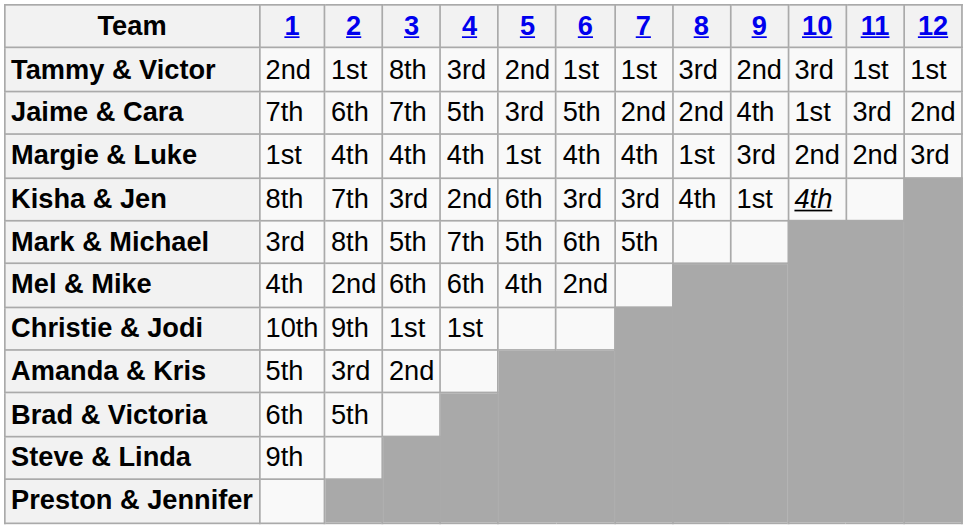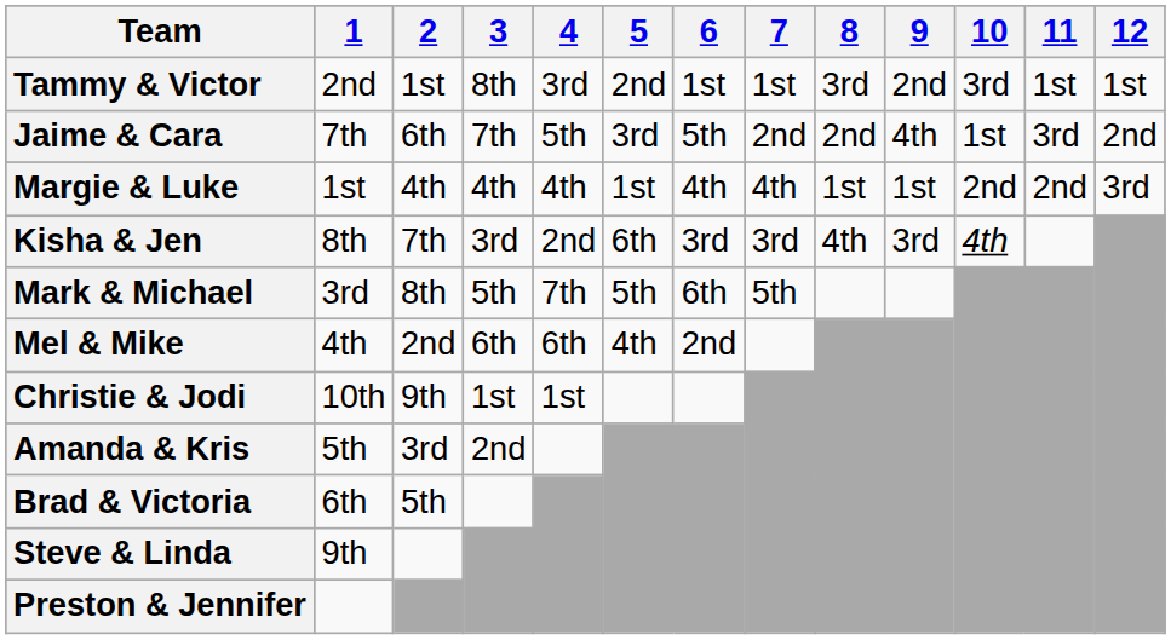 <table class="wikitable sortable" style="text-align:left;">
 <tr>
 <th scope="col" class="unsortable">Team</th>
 <th scope="col"><a href='#'>1</a></th>
 <th scope="col"><a href='#'>2</a></th>
 <th scope="col"><a href='#'>3</a></th>
 <th scope="col"><a href='#'>4</a></th>
 <th scope="col"><a href='#'>5</a></th>
 <th scope="col"><a href='#'>6</a></th>
 <th scope="col"><a href='#'>7</a></th>
 <th scope="col"><a href='#'>8</a></th>
 <th scope="col"><a href='#'>9</a></th>
 <th scope="col"><a href='#'>10</a></th>
 <th scope="col"><a href='#'>11</a></th>
 <th scope="col"><a href='#'>12</a></th>
 </tr>
 <tr>
 <th scope="row" style="text-align:left">Tammy & Victor</th>
 <td>2nd</td>
 <td>1st</td>
 <td>8th</td>
 <td>3rd</td>
 <td>2nd</td>
 <td>1st</td>
 <td>1st</td>
 <td>3rd</td>
 <td>2nd</td>
 <td>3rd</td>
 <td>1st</td>
 <td>1st</td>
 </tr>
 <tr>
 <th scope="row" style="text-align:left">Jaime & Cara</th>
 <td>7th</td>
 <td>6th</td>
 <td>7th</td>
 <td>5th</td>
 <td>3rd</td>
 <td>5th</td>
 <td>2nd</td>
 <td>2nd</td>
 <td>4th</td>
 <td>1st</td>
 <td>3rd</td>
 <td>2nd</td>
 </tr>
 <tr>
 <th scope="row" style="text-align:left">Margie & Luke</th>
 <td>1st</td>
 <td>4th</td>
 <td>4th</td>
 <td>4th</td>
 <td>1st</td>
 <td>4th</td>
 <td>4th</td>
 <td>1st</td>
-<td>3rd</td>
+<td>1st</td>
 <td>2nd</td>
 <td>2nd</td>
 <td>3rd</td>
 </tr>
 <tr>
 <th scope="row" style="text-align:left">Kisha & Jen</th>
 <td>8th</td>
 <td>7th</td>
 <td>3rd</td>
 <td>2nd</td>
 <td>6th</td>
 <td>3rd</td>
 <td>3rd</td>
 <td>4th</td>
-<td>1st</td>
+<td>3rd</td>
 <td><em><u>4th</u></em></td>
 <td></td>
 <td rowspan="8" style="background:darkgrey;"></td>
 </tr>
 <tr>
 <th scope="row" style="text-align:left">Mark & Michael</th>
 <td>3rd</td>
 <td>8th</td>
 <td>5th</td>
 <td>7th</td>
 <td>5th</td>
 <td>6th</td>
 <td>5th</td>
 <td></td>
 <td></td>
 <td colspan="2" rowspan="7" bgcolor=darkgray></td>
 </tr>
 <tr>
 <th scope="row" style="text-align:left">Mel & Mike</th>
 <td>4th</td>
 <td>2nd</td>
 <td>6th</td>
 <td>6th</td>
 <td>4th</td>
 <td>2nd</td>
 <td></td>
 <td colspan="2" rowspan="6" style="background:darkgrey;"></td>
 </tr>
 <tr>
 <th scope="row" style="text-align:left">Christie & Jodi</th>
 <td>10th</td>
 <td>9th</td>
 <td>1st</td>
 <td>1st</td>
 <td></td>
 <td></td>
 <td rowspan="5" style="background:darkgrey;"></td>
 </tr>
 <tr>
 <th scope="row" style="text-align:left">Amanda & Kris</th>
 <td>5th</td>
 <td>3rd</td>
 <td>2nd</td>
 <td></td>
 <td colspan="2" rowspan="4" style="background:darkgrey;"></td>
 </tr>
 <tr>
 <th scope="row" style="text-align:left">Brad & Victoria</th>
 <td>6th</td>
 <td>5th</td>
 <td></td>
 <td rowspan="3" style="background:darkgrey;"></td>
 </tr>
 <tr>
 <th scope="row" style="text-align:left">Steve & Linda</th>
 <td>9th</td>
 <td></td>
 <td rowspan="2" style="background:darkgrey;"></td>
 </tr>
 <tr>
 <th scope="row" style="text-align:left">Preston & Jennifer</th>
 <td></td>
 <td style="background:darkgrey;"></td>
 </tr>
 </table>
